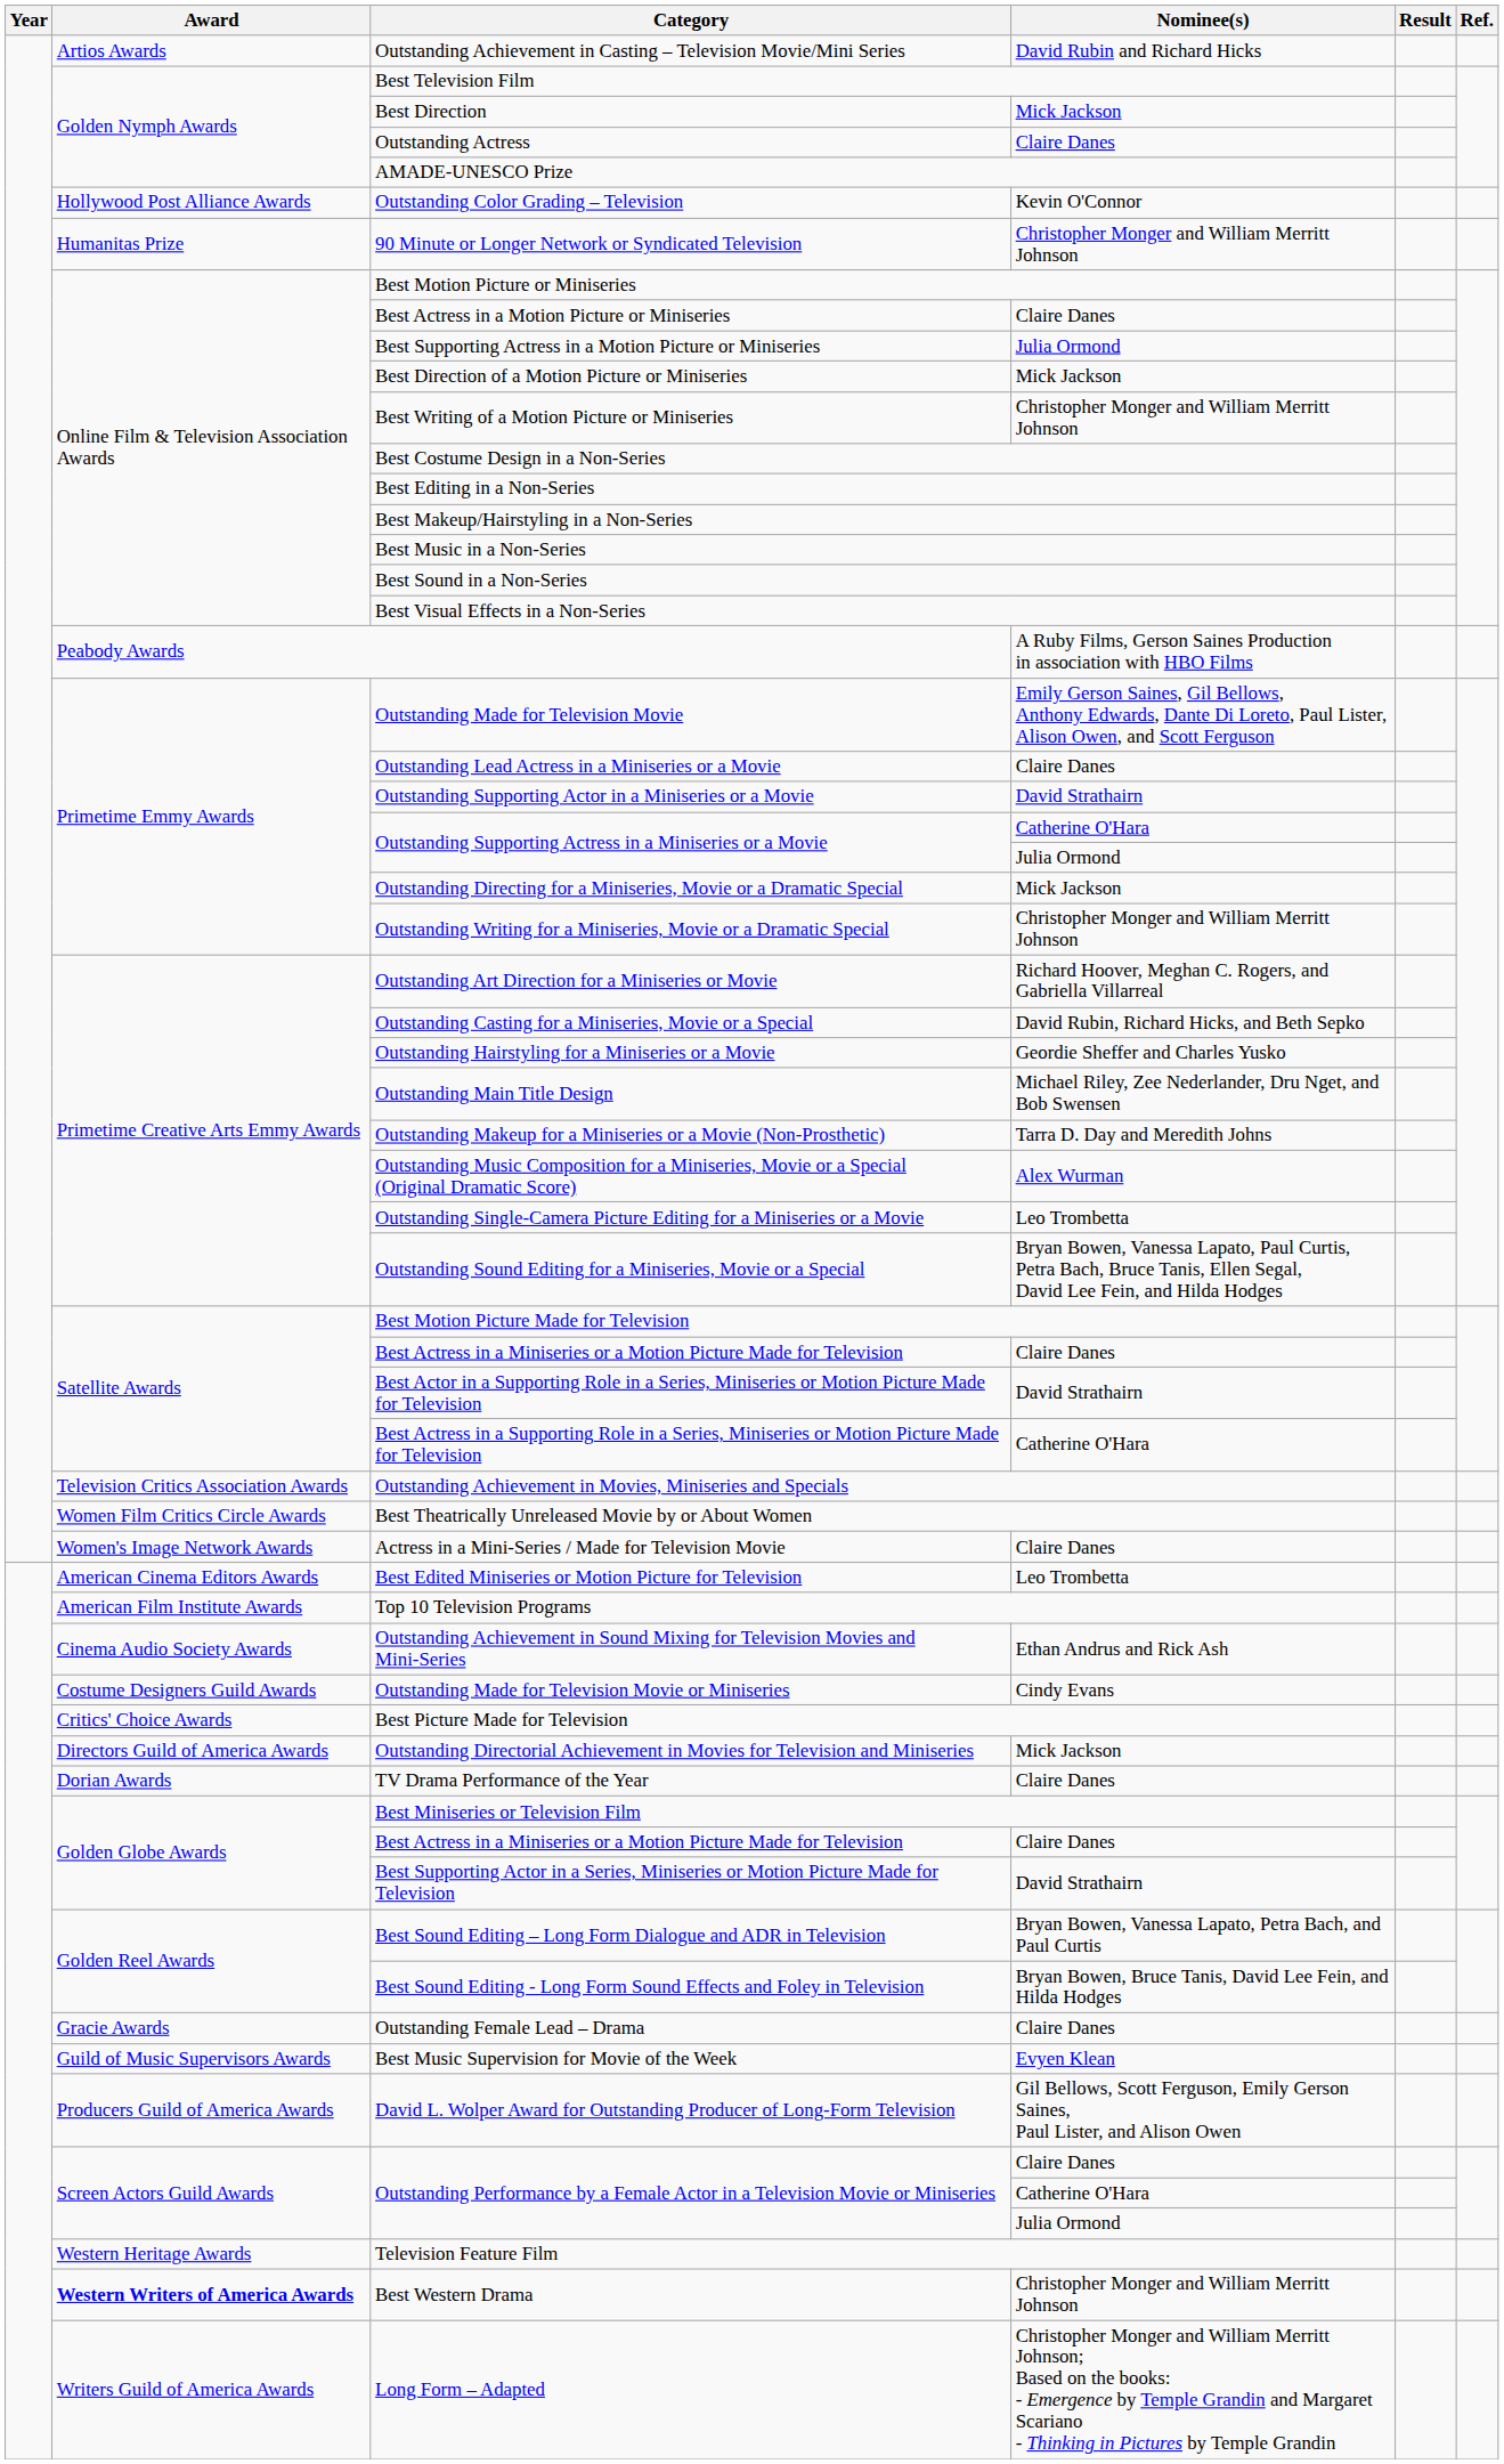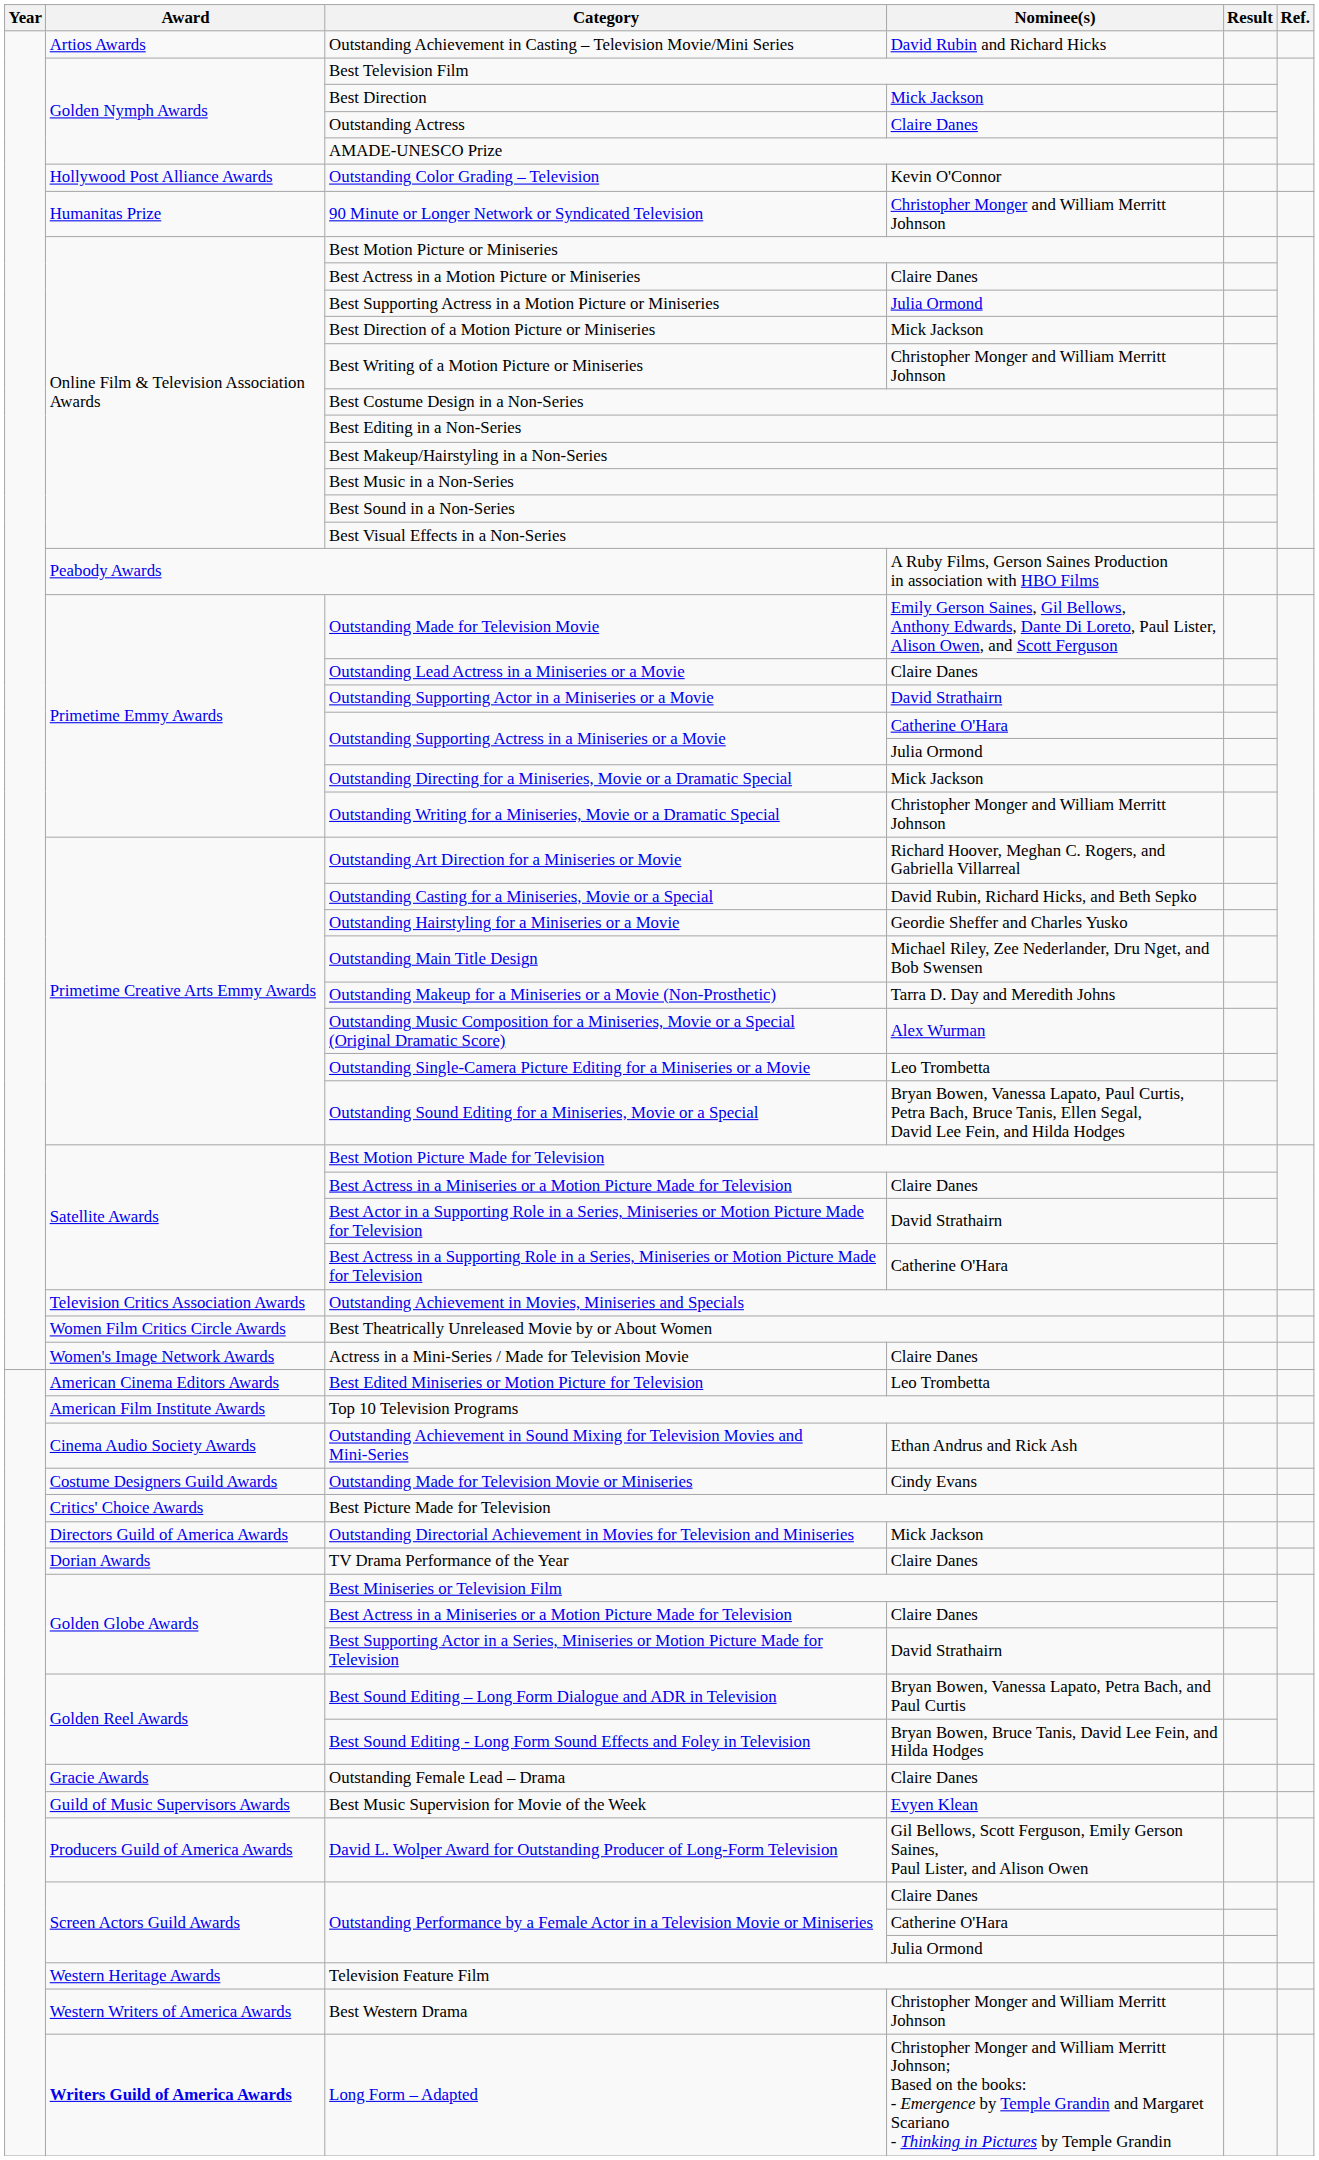 <table class="wikitable sortable">
 <tr>
 <th>Year</th>
 <th>Award</th>
 <th>Category</th>
 <th>Nominee(s)</th>
 <th>Result</th>
 <th>Ref.</th>
 </tr>
 <tr>
 <td rowspan="41"></td>
 <td><a href='#'>Artios Awards</a></td>
 <td>Outstanding Achievement in Casting – Television Movie/Mini Series</td>
 <td><a href='#'>David Rubin</a> and Richard Hicks</td>
 <td></td>
 <td align="center"></td>
 </tr>
 <tr>
 <td rowspan="4"><a href='#'>Golden Nymph Awards</a></td>
 <td colspan="2">Best Television Film</td>
 <td></td>
 <td align="center" rowspan="4"></td>
 </tr>
 <tr>
 <td>Best Direction</td>
 <td><a href='#'>Mick Jackson</a></td>
 <td></td>
 </tr>
 <tr>
 <td>Outstanding Actress</td>
 <td><a href='#'>Claire Danes</a></td>
 <td></td>
 </tr>
 <tr>
 <td colspan="2">AMADE-UNESCO Prize</td>
 <td></td>
 </tr>
 <tr>
 <td><a href='#'>Hollywood Post Alliance Awards</a></td>
 <td><a href='#'>Outstanding Color Grading – Television</a></td>
 <td>Kevin O'Connor</td>
 <td></td>
 <td align="center"></td>
 </tr>
 <tr>
 <td><a href='#'>Humanitas Prize</a></td>
 <td><a href='#'>90 Minute or Longer Network or Syndicated Television</a></td>
 <td><a href='#'>Christopher Monger</a> and William Merritt Johnson</td>
 <td></td>
 <td align="center"></td>
 </tr>
 <tr>
 <td rowspan="11">Online Film & Television Association Awards</td>
 <td colspan="2">Best Motion Picture or Miniseries</td>
 <td></td>
 <td align="center" rowspan="11"></td>
 </tr>
 <tr>
 <td>Best Actress in a Motion Picture or Miniseries</td>
 <td>Claire Danes</td>
 <td></td>
 </tr>
 <tr>
 <td>Best Supporting Actress in a Motion Picture or Miniseries</td>
 <td><a href='#'>Julia Ormond</a></td>
 <td></td>
 </tr>
 <tr>
 <td>Best Direction of a Motion Picture or Miniseries</td>
 <td>Mick Jackson</td>
 <td></td>
 </tr>
 <tr>
 <td>Best Writing of a Motion Picture or Miniseries</td>
 <td>Christopher Monger and William Merritt Johnson</td>
 <td></td>
 </tr>
 <tr>
 <td colspan="2">Best Costume Design in a Non-Series</td>
 <td></td>
 </tr>
 <tr>
 <td colspan="2">Best Editing in a Non-Series</td>
 <td></td>
 </tr>
 <tr>
 <td colspan="2">Best Makeup/Hairstyling in a Non-Series</td>
 <td></td>
 </tr>
 <tr>
 <td colspan="2">Best Music in a Non-Series</td>
 <td></td>
 </tr>
 <tr>
 <td colspan="2">Best Sound in a Non-Series</td>
 <td></td>
 </tr>
 <tr>
 <td colspan="2">Best Visual Effects in a Non-Series</td>
 <td></td>
 </tr>
 <tr>
 <td colspan="2"><a href='#'>Peabody Awards</a></td>
 <td>A Ruby Films, Gerson Saines Production <br> in association with <a href='#'>HBO Films</a></td>
 <td></td>
 <td align="center"></td>
 </tr>
 <tr>
 <td rowspan="7"><a href='#'>Primetime Emmy Awards</a></td>
 <td><a href='#'>Outstanding Made for Television Movie</a></td>
 <td><a href='#'>Emily Gerson Saines</a>, <a href='#'>Gil Bellows</a>, <br> <a href='#'>Anthony Edwards</a>, <a href='#'>Dante Di Loreto</a>, Paul Lister, <br> <a href='#'>Alison Owen</a>, and <a href='#'>Scott Ferguson</a></td>
 <td></td>
 <td align="center" rowspan="15"></td>
 </tr>
 <tr>
 <td><a href='#'>Outstanding Lead Actress in a Miniseries or a Movie</a></td>
 <td>Claire Danes</td>
 <td></td>
 </tr>
 <tr>
 <td><a href='#'>Outstanding Supporting Actor in a Miniseries or a Movie</a></td>
 <td><a href='#'>David Strathairn</a></td>
 <td></td>
 </tr>
 <tr>
 <td rowspan="2"><a href='#'>Outstanding Supporting Actress in a Miniseries or a Movie</a></td>
 <td><a href='#'>Catherine O'Hara</a></td>
 <td></td>
 </tr>
 <tr>
 <td>Julia Ormond</td>
 <td></td>
 </tr>
 <tr>
 <td><a href='#'>Outstanding Directing for a Miniseries, Movie or a Dramatic Special</a></td>
 <td>Mick Jackson</td>
 <td></td>
 </tr>
 <tr>
 <td><a href='#'>Outstanding Writing for a Miniseries, Movie or a Dramatic Special</a></td>
 <td>Christopher Monger and William Merritt Johnson</td>
 <td></td>
 </tr>
 <tr>
 <td rowspan="8"><a href='#'>Primetime Creative Arts Emmy Awards</a></td>
 <td><a href='#'>Outstanding Art Direction for a Miniseries or Movie</a></td>
 <td>Richard Hoover, Meghan C. Rogers, and <br> Gabriella Villarreal</td>
 <td></td>
 </tr>
 <tr>
 <td><a href='#'>Outstanding Casting for a Miniseries, Movie or a Special</a></td>
 <td>David Rubin, Richard Hicks, and Beth Sepko</td>
 <td></td>
 </tr>
 <tr>
 <td><a href='#'>Outstanding Hairstyling for a Miniseries or a Movie</a></td>
 <td>Geordie Sheffer and Charles Yusko</td>
 <td></td>
 </tr>
 <tr>
 <td><a href='#'>Outstanding Main Title Design</a></td>
 <td>Michael Riley, Zee Nederlander, Dru Nget, and <br> Bob Swensen</td>
 <td></td>
 </tr>
 <tr>
 <td><a href='#'>Outstanding Makeup for a Miniseries or a Movie (Non-Prosthetic)</a></td>
 <td>Tarra D. Day and Meredith Johns</td>
 <td></td>
 </tr>
 <tr>
 <td><a href='#'>Outstanding Music Composition for a Miniseries, Movie or a Special <br> (Original Dramatic Score)</a></td>
 <td><a href='#'>Alex Wurman</a></td>
 <td></td>
 </tr>
 <tr>
 <td><a href='#'>Outstanding Single-Camera Picture Editing for a Miniseries or a Movie</a></td>
 <td>Leo Trombetta</td>
 <td></td>
 </tr>
 <tr>
 <td><a href='#'>Outstanding Sound Editing for a Miniseries, Movie or a Special</a></td>
 <td>Bryan Bowen, Vanessa Lapato, Paul Curtis, <br> Petra Bach, Bruce Tanis, Ellen Segal, <br> David Lee Fein, and Hilda Hodges</td>
 <td></td>
 </tr>
 <tr>
 <td rowspan="4"><a href='#'>Satellite Awards</a></td>
 <td colspan="2"><a href='#'>Best Motion Picture Made for Television</a></td>
 <td></td>
 <td align="center" rowspan="4"></td>
 </tr>
 <tr>
 <td><a href='#'>Best Actress in a Miniseries or a Motion Picture Made for Television</a></td>
 <td>Claire Danes</td>
 <td></td>
 </tr>
 <tr>
 <td><a href='#'>Best Actor in a Supporting Role in a Series, Miniseries or Motion Picture Made for Television</a></td>
 <td>David Strathairn</td>
 <td></td>
 </tr>
 <tr>
 <td><a href='#'>Best Actress in a Supporting Role in a Series, Miniseries or Motion Picture Made for Television</a></td>
 <td>Catherine O'Hara</td>
 <td></td>
 </tr>
 <tr>
 <td><a href='#'>Television Critics Association Awards</a></td>
 <td colspan="2"><a href='#'>Outstanding Achievement in Movies, Miniseries and Specials</a></td>
 <td></td>
 <td align="center"></td>
 </tr>
 <tr>
 <td><a href='#'>Women Film Critics Circle Awards</a></td>
 <td colspan="2">Best Theatrically Unreleased Movie by or About Women</td>
 <td></td>
 <td align="center"></td>
 </tr>
 <tr>
 <td><a href='#'>Women's Image Network Awards</a></td>
 <td>Actress in a Mini-Series / Made for Television Movie</td>
 <td>Claire Danes</td>
 <td></td>
 <td align="center"></td>
 </tr>
 <tr>
 <td rowspan="21"></td>
 <td><a href='#'>American Cinema Editors Awards</a></td>
 <td><a href='#'>Best Edited Miniseries or Motion Picture for Television</a></td>
 <td>Leo Trombetta</td>
 <td></td>
 <td align="center"></td>
 </tr>
 <tr>
 <td><a href='#'>American Film Institute Awards</a></td>
 <td colspan="2">Top 10 Television Programs</td>
 <td></td>
 <td align="center"></td>
 </tr>
 <tr>
 <td><a href='#'>Cinema Audio Society Awards</a></td>
 <td><a href='#'>Outstanding Achievement in Sound Mixing for Television Movies and <br> Mini-Series</a></td>
 <td>Ethan Andrus and Rick Ash</td>
 <td></td>
 <td align="center"></td>
 </tr>
 <tr>
 <td><a href='#'>Costume Designers Guild Awards</a></td>
 <td><a href='#'>Outstanding Made for Television Movie or Miniseries</a></td>
 <td>Cindy Evans</td>
 <td></td>
 <td align="center"></td>
 </tr>
 <tr>
 <td><a href='#'>Critics' Choice Awards</a></td>
 <td colspan="2">Best Picture Made for Television</td>
 <td></td>
 <td align="center"></td>
 </tr>
 <tr>
 <td><a href='#'>Directors Guild of America Awards</a></td>
 <td><a href='#'>Outstanding Directorial Achievement in Movies for Television and Miniseries</a></td>
 <td>Mick Jackson</td>
 <td></td>
 <td align="center"></td>
 </tr>
 <tr>
 <td><a href='#'>Dorian Awards</a></td>
 <td>TV Drama Performance of the Year</td>
 <td>Claire Danes</td>
 <td></td>
 <td align="center"></td>
 </tr>
 <tr>
 <td rowspan="3"><a href='#'>Golden Globe Awards</a></td>
 <td colspan="2"><a href='#'>Best Miniseries or Television Film</a></td>
 <td></td>
 <td align="center" rowspan="3"></td>
 </tr>
 <tr>
 <td><a href='#'>Best Actress in a Miniseries or a Motion Picture Made for Television</a></td>
 <td>Claire Danes</td>
 <td></td>
 </tr>
 <tr>
 <td><a href='#'>Best Supporting Actor in a Series, Miniseries or Motion Picture Made for Television</a></td>
 <td>David Strathairn</td>
 <td></td>
 </tr>
 <tr>
 <td rowspan="2"><a href='#'>Golden Reel Awards</a></td>
 <td><a href='#'>Best Sound Editing – Long Form Dialogue and ADR in Television</a></td>
 <td>Bryan Bowen, Vanessa Lapato, Petra Bach, and <br> Paul Curtis</td>
 <td></td>
 <td align="center" rowspan="2"></td>
 </tr>
 <tr>
 <td><a href='#'>Best Sound Editing - Long Form Sound Effects and Foley in Television</a></td>
 <td>Bryan Bowen, Bruce Tanis, David Lee Fein, and <br> Hilda Hodges</td>
 <td></td>
 </tr>
 <tr>
 <td><a href='#'>Gracie Awards</a></td>
 <td>Outstanding Female Lead – Drama</td>
 <td>Claire Danes</td>
 <td></td>
 <td align="center"></td>
 </tr>
 <tr>
 <td><a href='#'>Guild of Music Supervisors Awards</a></td>
 <td>Best Music Supervision for Movie of the Week</td>
 <td><a href='#'>Evyen Klean</a></td>
 <td></td>
 <td align="center"></td>
 </tr>
 <tr>
 <td><a href='#'>Producers Guild of America Awards</a></td>
 <td><a href='#'>David L. Wolper Award for Outstanding Producer of Long-Form Television</a></td>
 <td>Gil Bellows, Scott Ferguson, Emily Gerson Saines, <br> Paul Lister, and Alison Owen</td>
 <td></td>
 <td align="center"></td>
 </tr>
 <tr>
 <td rowspan="3"><a href='#'>Screen Actors Guild Awards</a></td>
 <td rowspan="3"><a href='#'>Outstanding Performance by a Female Actor in a Television Movie or Miniseries</a></td>
 <td>Claire Danes</td>
 <td></td>
 <td align="center" rowspan="3"></td>
 </tr>
 <tr>
 <td>Catherine O'Hara</td>
 <td></td>
 </tr>
 <tr>
 <td>Julia Ormond</td>
 <td></td>
 </tr>
 <tr>
 <td><a href='#'>Western Heritage Awards</a></td>
 <td colspan="2">Television Feature Film</td>
 <td></td>
 <td align="center"></td>
 </tr>
 <tr>
-<td><strong><a href='#'>Western Writers of America Awards</a></strong></td>
+<td><a href='#'>Western Writers of America Awards</a></td>
 <td>Best Western Drama</td>
 <td>Christopher Monger and William Merritt Johnson</td>
 <td></td>
 <td align="center"></td>
 </tr>
 <tr>
-<td><a href='#'>Writers Guild of America Awards</a></td>
+<td><strong><a href='#'>Writers Guild of America Awards</a></strong></td>
 <td><a href='#'>Long Form – Adapted</a></td>
 <td>Christopher Monger and William Merritt Johnson; <br> Based on the books: <br> - <em>Emergence</em> by <a href='#'>Temple Grandin</a> and Margaret Scariano <br> - <em><a href='#'>Thinking in Pictures</a></em> by Temple Grandin</td>
 <td></td>
 <td align="center"></td>
 </tr>
 </table>
